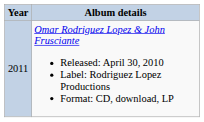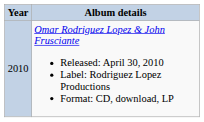 <table class ="wikitable">
 <tr>
 <th width="35" style="background: #c2d2e5">Year</th>
 <th width="250" style="background: #c2d2e5">Album details</th>
 </tr>
 <tr>
-<td style="background: #c2d2e5; text-align: center">2011</td>
+<td style="background: #c2d2e5; text-align: center">2010</td>
 <td><em><a href='#'>Omar Rodriguez Lopez & John Frusciante</a></em><br><ul><li>Released: April 30, 2010</li><li>Label: Rodriguez Lopez Productions</li><li>Format: CD, download, LP</li></ul></td>
 </tr>
 </table>
